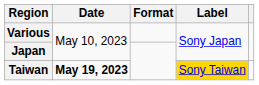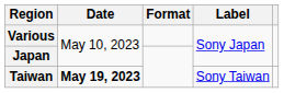 <table class="wikitable plainrowheaders">
 <tr>
 <th scope="col">Region</th>
 <th scope="col">Date</th>
 <th scope="col">Format</th>
 <th scope="col">Label</th>
 <th scope="col"></th>
 </tr>
 <tr>
 <th scope="row">Various</th>
 <td rowspan="2">May 10, 2023</td>
 <td></td>
 <td rowspan="2"><a href='#'>Sony Japan</a></td>
 <td style="text-align:center" rowspan="2"></td>
 </tr>
 <tr>
 <th scope="row">Japan</th>
 <td rowspan="2"></td>
 </tr>
 <tr>
 <th scope="row">Taiwan</th>
 <td><strong>May 19, 2023</strong></td>
-<td style="background: gold;"><a href='#'>Sony Taiwan</a></td>
+<td><a href='#'>Sony Taiwan</a></td>
 <td style="text-align:center"></td>
 </tr>
 </table>
